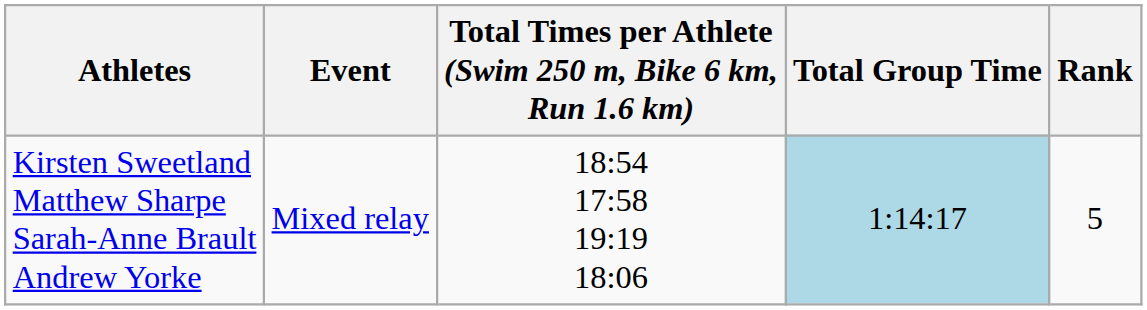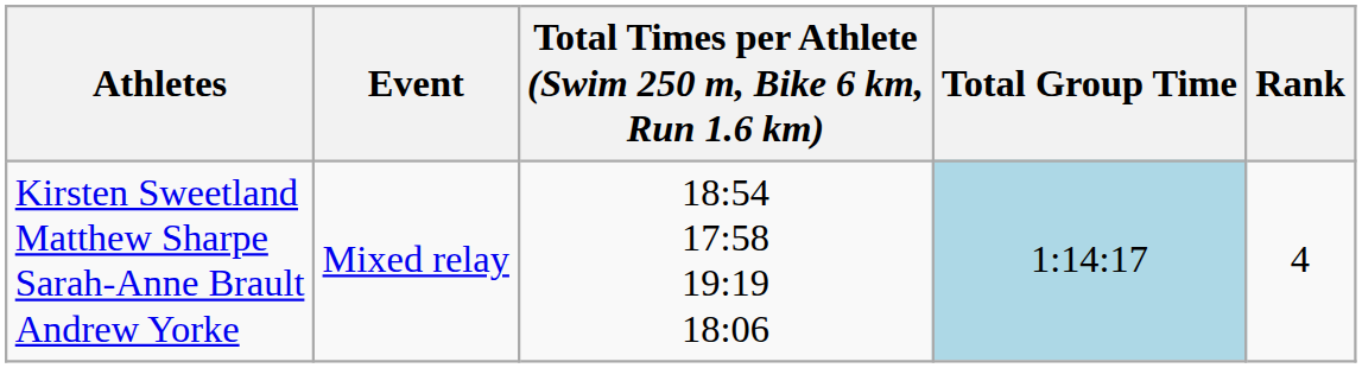 <table class="wikitable" border="1" style="font-size:90%">
 <tr>
 <th>Athletes</th>
 <th>Event</th>
 <th>Total Times per Athlete <br> <em>(Swim 250 m, Bike 6 km, <br> Run 1.6 km)</em></th>
 <th>Total Group Time</th>
 <th>Rank</th>
 </tr>
 <tr>
 <td><a href='#'>Kirsten Sweetland</a><br><a href='#'>Matthew Sharpe</a><br><a href='#'>Sarah-Anne Brault</a><br><a href='#'>Andrew Yorke</a></td>
 <td align="center"><a href='#'>Mixed relay</a></td>
 <td align="center">18:54<br>17:58<br>19:19<br>18:06</td>
 <td align="center" style="background: lightblue;">1:14:17</td>
-<td align="center">5</td>
+<td align="center">4</td>
 </tr>
 </table>
